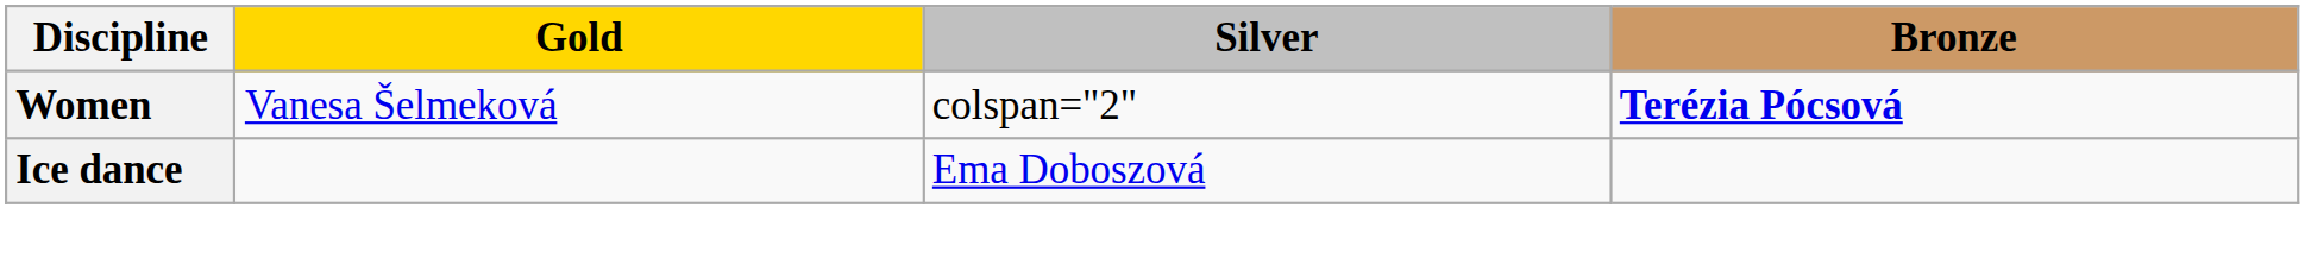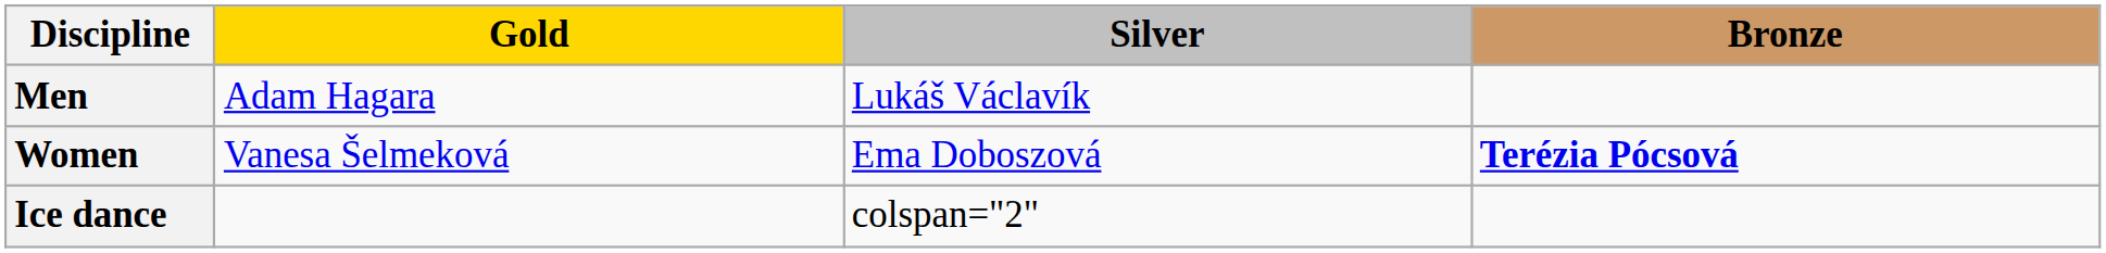 <table class="wikitable unsortable" style="text-align:left; width:70%">
 <tr>
 <th scope="col">Discipline</th>
 <td scope="col" style="text-align:center; width:30%; background:gold"><strong>Gold</strong></td>
 <td scope="col" style="text-align:center; width:30%; background:silver"><strong>Silver</strong></td>
 <td scope="col" style="text-align:center; width:30%; background:#c96"><strong>Bronze</strong></td>
 </tr>
 <tr>
+<th scope="row" style="text-align:left">Men</th>
+<td><a href='#'>Adam Hagara</a></td>
+<td><a href='#'>Lukáš Václavík</a></td>
+<td></td>
+</tr>
+<tr>
 <th scope="row" style="text-align:left">Women</th>
 <td><a href='#'>Vanesa Šelmeková</a></td>
-<td>colspan="2" </td>
+<td><a href='#'>Ema Doboszová</a></td>
 <td><strong><a href='#'>Terézia Pócsová</a></strong></td>
 </tr>
 <tr>
 <th scope="row" style="text-align:left">Ice dance</th>
 <td></td>
-<td><a href='#'>Ema Doboszová</a></td>
+<td>colspan="2" </td>
 </tr>
 </table>
